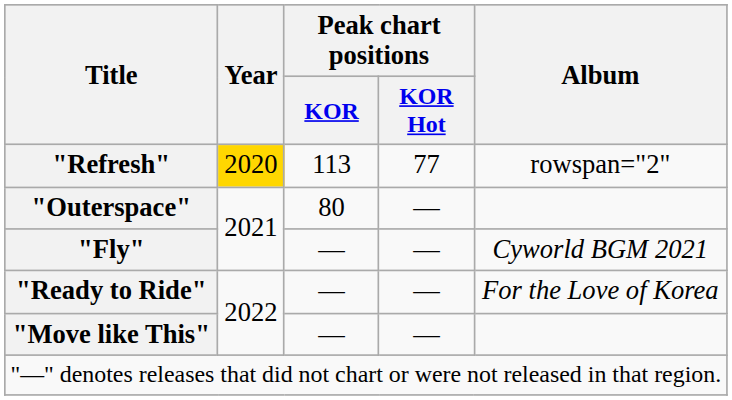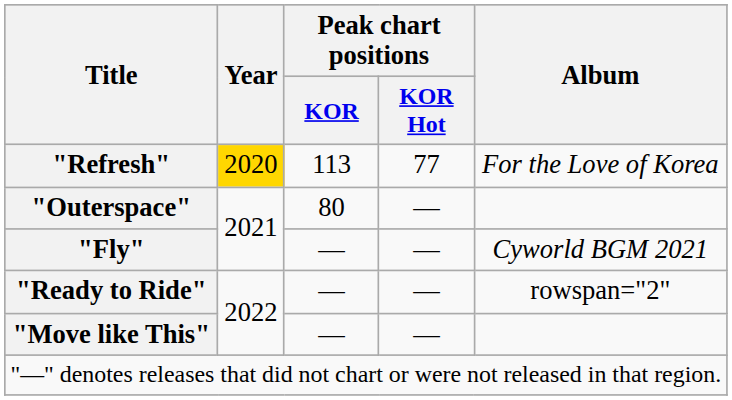 <table class="wikitable plainrowheaders" style="text-align:center;" border="1">
 <tr>
 <th scope="col" rowspan="2">Title</th>
 <th scope="col" rowspan="2">Year</th>
 <th scope="col" colspan="2">Peak chart positions</th>
 <th scope="col" rowspan="2">Album</th>
 </tr>
 <tr>
 <th scope="col" style="width:3.5em;font-size:90%;"><a href='#'>KOR</a><br></th>
 <th scope="col" style="width:3.5em;font-size:90%;"><a href='#'>KOR<br>Hot</a><br></th>
 </tr>
 <tr>
 <th scope="row">"Refresh"<br></th>
 <td style="background: gold;">2020</td>
 <td>113</td>
 <td>77</td>
-<td>rowspan="2" </td>
+<td><em>For the Love of Korea</em></td>
 </tr>
 <tr>
 <th scope="row">"Outerspace"<br></th>
 <td rowspan="2">2021</td>
 <td>80</td>
 <td>—</td>
 <td></td>
 </tr>
 <tr>
 <th scope="row">"Fly"<br></th>
 <td>—</td>
 <td>—</td>
 <td><em>Cyworld BGM 2021</em></td>
 </tr>
 <tr>
 <th scope="row">"Ready to Ride"</th>
 <td rowspan="2">2022</td>
 <td>—</td>
 <td>—</td>
-<td><em>For the Love of Korea</em></td>
+<td>rowspan="2" </td>
 </tr>
 <tr>
 <th scope="row">"Move like This"<br></th>
 <td>—</td>
 <td>—</td>
 </tr>
 <tr>
 <td colspan="5" style="font-size:90%" align="center">"—" denotes releases that did not chart or were not released in that region.</td>
 </tr>
 </table>
